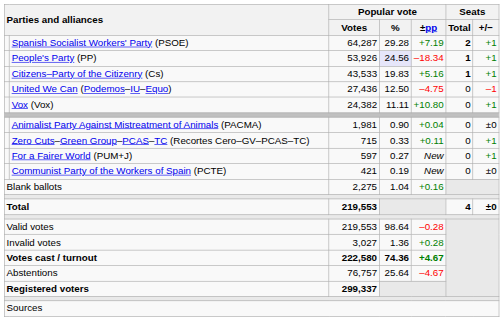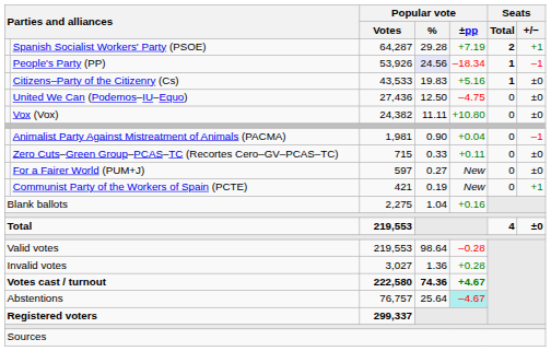 <table class="wikitable" style="text-align:right;">
 <tr>
 <th style="text-align:left;" rowspan="2" colspan="2" width="525">Parties and alliances</th>
 <th colspan="3">Popular vote</th>
 <th colspan="2">Seats</th>
 </tr>
 <tr>
 <th width="75">Votes</th>
 <th width="45">%</th>
 <th width="45">±<a href='#'>pp</a></th>
 <th width="35">Total</th>
 <th width="35">+/−</th>
 </tr>
 <tr>
 <td width="1" style="color:inherit;background:"></td>
 <td align="left"><a href='#'>Spanish Socialist Workers' Party</a> (PSOE)</td>
 <td>64,287</td>
 <td>29.28</td>
 <td style="color:green;">+7.19</td>
 <td><strong>2</strong></td>
 <td style="color:green;">+1</td>
 </tr>
 <tr>
 <td style="color:inherit;background:"></td>
 <td align="left"><a href='#'>People's Party</a> (PP)</td>
 <td>53,926</td>
 <td style="background: lavender;">24.56</td>
 <td style="color:red;">–18.34</td>
 <td><strong>1</strong></td>
-<td style="color:green;">+1</td>
+<td style="color:red;">–1</td>
 </tr>
 <tr>
 <td style="color:inherit;background:"></td>
 <td align="left"><a href='#'>Citizens–Party of the Citizenry</a> (Cs)</td>
 <td>43,533</td>
 <td>19.83</td>
 <td style="color:green;">+5.16</td>
 <td><strong>1</strong></td>
-<td style="color:green;">+1</td>
+<td>±0</td>
 </tr>
 <tr>
 <td style="color:inherit;background:"></td>
 <td align="left"><a href='#'>United We Can</a> (<a href='#'>Podemos</a>–<a href='#'>IU</a>–<a href='#'>Equo</a>)</td>
 <td>27,436</td>
 <td>12.50</td>
 <td style="color:red;">–4.75</td>
 <td>0</td>
-<td style="color:red;">–1</td>
+<td>±0</td>
 </tr>
 <tr>
 <td style="color:inherit;background:"></td>
 <td align="left"><a href='#'>Vox</a> (Vox)</td>
 <td>24,382</td>
 <td>11.11</td>
 <td style="color:green;">+10.80</td>
 <td>0</td>
-<td style="color:green;">+1</td>
+<td>±0</td>
 </tr>
 <tr>
 <td colspan="7" bgcolor="#C0C0C0"></td>
 </tr>
 <tr>
 <td style="color:inherit;background:"></td>
 <td align="left"><a href='#'>Animalist Party Against Mistreatment of Animals</a> (PACMA)</td>
 <td>1,981</td>
 <td>0.90</td>
 <td style="color:green;">+0.04</td>
 <td>0</td>
-<td>±0</td>
+<td style="color:red;">–1</td>
 </tr>
 <tr>
 <td style="color:inherit;background:"></td>
 <td align="left"><a href='#'>Zero Cuts</a>–<a href='#'>Green Group</a>–<a href='#'>PCAS</a>–<a href='#'>TC</a> (Recortes Cero–GV–PCAS–TC)</td>
 <td>715</td>
 <td>0.33</td>
 <td style="color:green;">+0.11</td>
 <td>0</td>
-<td style="color:green;">+1</td>
+<td>±0</td>
 </tr>
 <tr>
 <td style="color:inherit;background:"></td>
 <td align="left"><a href='#'>For a Fairer World</a> (PUM+J)</td>
 <td>597</td>
 <td>0.27</td>
 <td><em>New</em></td>
 <td>0</td>
-<td style="color:green;">+1</td>
+<td>±0</td>
 </tr>
 <tr>
 <td style="color:inherit;background:"></td>
 <td align="left"><a href='#'>Communist Party of the Workers of Spain</a> (PCTE)</td>
 <td>421</td>
 <td>0.19</td>
 <td><em>New</em></td>
 <td>0</td>
-<td>±0</td>
+<td style="color:green;">+1</td>
 </tr>
 <tr>
 <td align="left" colspan="2">Blank ballots</td>
 <td>2,275</td>
 <td>1.04</td>
 <td style="color:green;">+0.16</td>
 <td bgcolor="#E9E9E9" colspan="2"></td>
 </tr>
 <tr>
 <td colspan="7" bgcolor="#E9E9E9"></td>
 </tr>
 <tr style="font-weight:bold;">
 <td align="left" colspan="2">Total</td>
 <td>219,553</td>
 <td bgcolor="#E9E9E9" colspan="2"></td>
 <td>4</td>
 <td>±0</td>
 </tr>
 <tr>
 <td colspan="7" bgcolor="#E9E9E9"></td>
 </tr>
 <tr>
 <td align="left" colspan="2">Valid votes</td>
 <td>219,553</td>
 <td>98.64</td>
 <td style="color:red;">–0.28</td>
 <td bgcolor="#E9E9E9" colspan="2" rowspan="5"></td>
 </tr>
 <tr>
 <td align="left" colspan="2">Invalid votes</td>
 <td>3,027</td>
 <td>1.36</td>
 <td style="color:green;">+0.28</td>
 </tr>
 <tr style="font-weight:bold;">
 <td align="left" colspan="2">Votes cast / turnout</td>
 <td>222,580</td>
 <td>74.36</td>
 <td style="color:green;">+4.67</td>
 </tr>
 <tr>
 <td align="left" colspan="2">Abstentions</td>
 <td>76,757</td>
 <td>25.64</td>
-<td style="color:red;">–4.67</td>
+<td style="background: paleturquoise; color:red;">–4.67</td>
 </tr>
 <tr style="font-weight:bold;">
 <td align="left" colspan="2">Registered voters</td>
 <td>299,337</td>
 <td bgcolor="#E9E9E9" colspan="2"></td>
 </tr>
 <tr>
 <td colspan="7" bgcolor="#E9E9E9"></td>
 </tr>
 <tr>
 <td align="left" colspan="7">Sources</td>
 </tr>
 </table>
